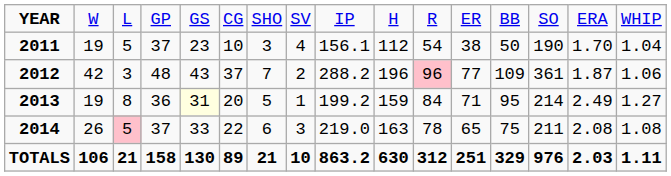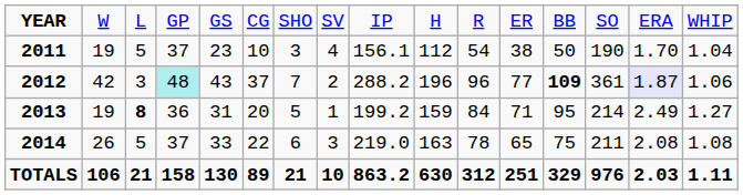 <table class="wikitable">
 <tr align=center>
 <td><strong>YEAR</strong></td>
 <td><a href='#'>W</a></td>
 <td><a href='#'>L</a></td>
 <td><a href='#'>GP</a></td>
 <td><a href='#'>GS</a></td>
 <td><a href='#'>CG</a></td>
 <td><a href='#'>SHO</a></td>
 <td><a href='#'>SV</a></td>
 <td><a href='#'>IP</a></td>
 <td><a href='#'>H</a></td>
 <td><a href='#'>R</a></td>
 <td><a href='#'>ER</a></td>
 <td><a href='#'>BB</a></td>
 <td><a href='#'>SO</a></td>
 <td><a href='#'>ERA</a></td>
 <td><a href='#'>WHIP</a></td>
 </tr>
 <tr align=center>
 <td><strong>2011</strong></td>
 <td>19</td>
 <td>5</td>
 <td>37</td>
 <td>23</td>
 <td>10</td>
 <td>3</td>
 <td>4</td>
 <td>156.1</td>
 <td>112</td>
 <td>54</td>
 <td>38</td>
 <td>50</td>
 <td>190</td>
 <td>1.70</td>
 <td>1.04</td>
 </tr>
 <tr align=center>
 <td><strong>2012</strong></td>
 <td>42</td>
 <td>3</td>
-<td>48</td>
+<td style="background: paleturquoise;">48</td>
 <td>43</td>
 <td>37</td>
 <td>7</td>
 <td>2</td>
 <td>288.2</td>
 <td>196</td>
-<td style="background: pink;">96</td>
+<td>96</td>
 <td>77</td>
-<td>109</td>
+<td><strong>109</strong></td>
 <td>361</td>
-<td>1.87</td>
+<td style="background: lavender;">1.87</td>
 <td>1.06</td>
 </tr>
 <tr align=center>
 <td><strong>2013</strong></td>
 <td>19</td>
-<td>8</td>
+<td><strong>8</strong></td>
 <td>36</td>
-<td style="background: lightyellow;">31</td>
+<td>31</td>
 <td>20</td>
 <td>5</td>
 <td>1</td>
 <td>199.2</td>
 <td>159</td>
 <td>84</td>
 <td>71</td>
 <td>95</td>
 <td>214</td>
 <td>2.49</td>
 <td>1.27</td>
 </tr>
 <tr align=center>
 <td><strong>2014</strong></td>
 <td>26</td>
-<td style="background: pink;">5</td>
+<td>5</td>
 <td>37</td>
 <td>33</td>
 <td>22</td>
 <td>6</td>
 <td>3</td>
 <td>219.0</td>
 <td>163</td>
 <td>78</td>
 <td>65</td>
 <td>75</td>
 <td>211</td>
 <td>2.08</td>
 <td>1.08</td>
 </tr>
 <tr align=center>
 <td><strong>TOTALS</strong></td>
 <td><strong>106</strong></td>
 <td><strong>21</strong></td>
 <td><strong>158</strong></td>
 <td><strong>130</strong></td>
 <td><strong>89</strong></td>
 <td><strong>21</strong></td>
 <td><strong>10</strong></td>
 <td><strong>863.2</strong></td>
 <td><strong>630</strong></td>
 <td><strong>312</strong></td>
 <td><strong>251</strong></td>
 <td><strong>329</strong></td>
 <td><strong>976</strong></td>
 <td><strong>2.03</strong></td>
 <td><strong>1.11</strong></td>
 </tr>
 </table>
